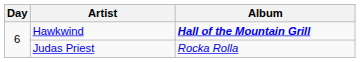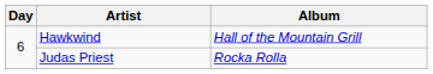 <table class="wikitable" border="1">
 <tr>
 <th>Day</th>
 <th width="200">Artist</th>
 <th width="250">Album</th>
 </tr>
 <tr>
 <td rowspan="2" style="text-align:center;">6</td>
 <td><a href='#'>Hawkwind</a></td>
-<td><strong><em><a href='#'>Hall of the Mountain Grill</a></em></strong></td>
+<td><em><a href='#'>Hall of the Mountain Grill</a></em></td>
 </tr>
 <tr>
 <td><a href='#'>Judas Priest</a></td>
 <td><em><a href='#'>Rocka Rolla</a></em></td>
 </tr>
 </table>
